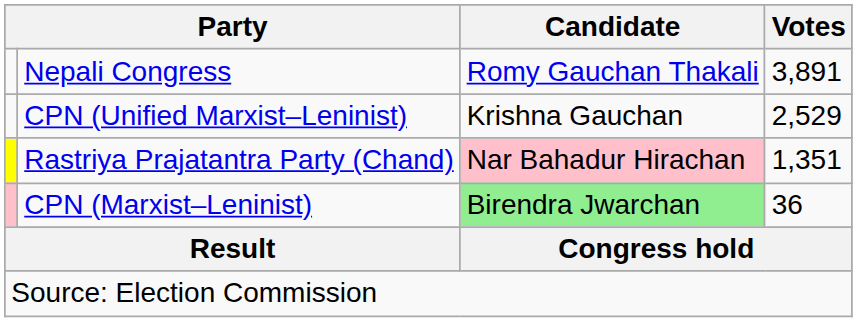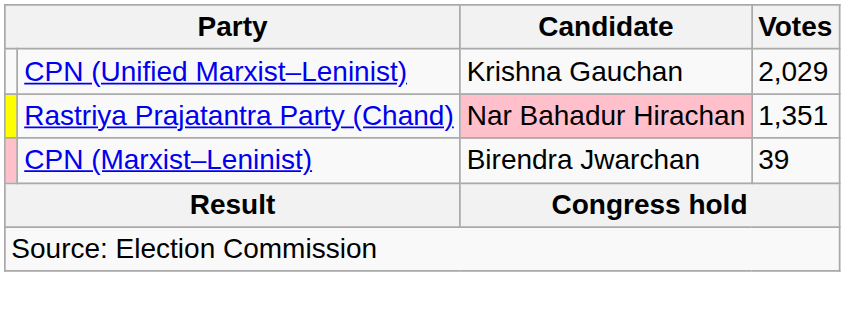 <table class="wikitable">
 <tr>
 <th colspan="2">Party</th>
 <th>Candidate</th>
 <th>Votes</th>
 </tr>
 <tr>
 <td style="background-color:"></td>
-<td><a href='#'>Nepali Congress</a></td>
-<td><a href='#'>Romy Gauchan Thakali</a></td>
-<td>3,891</td>
-</tr>
-<tr>
-<td style="background-color:"></td>
 <td><a href='#'>CPN (Unified Marxist–Leninist)</a></td>
 <td>Krishna Gauchan</td>
-<td>2,529</td>
+<td>2,029</td>
 </tr>
 <tr>
 <td style="background-color:yellow"></td>
 <td><a href='#'>Rastriya Prajatantra Party (Chand)</a></td>
 <td style="background: pink;">Nar Bahadur Hirachan</td>
 <td>1,351</td>
 </tr>
 <tr>
 <td style="background-color:pink"></td>
 <td><a href='#'>CPN (Marxist–Leninist)</a></td>
-<td style="background: lightgreen;">Birendra Jwarchan</td>
-<td>36</td>
+<td>Birendra Jwarchan</td>
+<td>39</td>
 </tr>
 <tr>
 <th colspan="2">Result</th>
 <th colspan="2">Congress hold</th>
 </tr>
 <tr>
 <td colspan="4">Source: Election Commission</td>
 </tr>
 </table>
